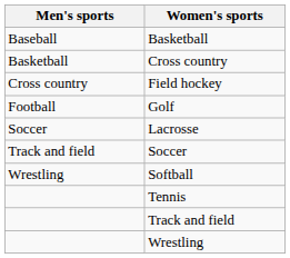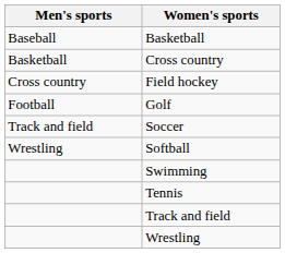 <table class= wikitable>
 <tr>
 <th width=150px>Men's sports</th>
 <th width=150px>Women's sports</th>
 </tr>
 <tr>
 <td>Baseball</td>
 <td>Basketball</td>
 </tr>
 <tr>
 <td>Basketball</td>
 <td>Cross country</td>
 </tr>
 <tr>
 <td>Cross country</td>
 <td>Field hockey</td>
 </tr>
 <tr>
 <td>Football</td>
 <td>Golf</td>
 </tr>
 <tr>
-<td>Soccer</td>
-<td>Lacrosse</td>
-</tr>
-<tr>
 <td>Track and field </td>
 <td>Soccer</td>
 </tr>
 <tr>
 <td>Wrestling</td>
 <td>Softball</td>
+</tr>
+<tr>
+<td></td>
+<td>Swimming</td>
 </tr>
 <tr>
 <td></td>
 <td>Tennis</td>
 </tr>
 <tr>
 <td></td>
 <td>Track and field </td>
 </tr>
 <tr>
 <td></td>
 <td>Wrestling </td>
 </tr>
 </table>
